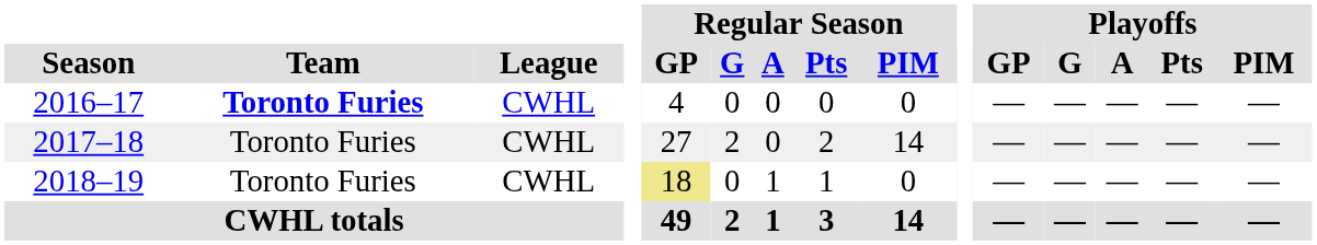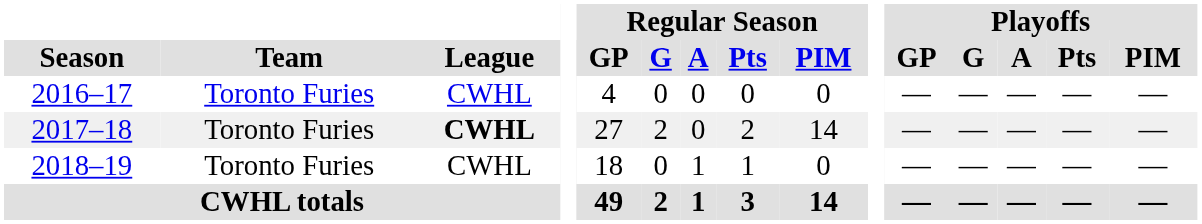 <table border="0" cellpadding="1" cellspacing="0" style="text-align:center; width:75%">
 <tr bgcolor="#e0e0e0">
 <th colspan="3"  bgcolor="#ffffff"> </th>
 <th rowspan="99" bgcolor="#ffffff"> </th>
 <th colspan="5">Regular Season</th>
 <th rowspan="99" bgcolor="#ffffff"> </th>
 <th colspan="5">Playoffs</th>
 </tr>
 <tr bgcolor="#e0e0e0">
 <th>Season</th>
 <th>Team</th>
 <th>League</th>
 <th>GP</th>
 <th><a href='#'>G</a></th>
 <th><a href='#'>A</a></th>
 <th><a href='#'>Pts</a></th>
 <th><a href='#'>PIM</a></th>
 <th>GP</th>
 <th>G</th>
 <th>A</th>
 <th>Pts</th>
 <th>PIM</th>
 </tr>
 <tr>
 <td><a href='#'>2016–17</a></td>
-<td><strong><a href='#'>Toronto Furies</a></strong></td>
+<td><a href='#'>Toronto Furies</a></td>
 <td><a href='#'>CWHL</a></td>
 <td>4</td>
 <td>0</td>
 <td>0</td>
 <td>0</td>
 <td>0</td>
 <td>—</td>
 <td>—</td>
 <td>—</td>
 <td>—</td>
 <td>—</td>
 </tr>
 <tr bgcolor="#f0f0f0">
 <td><a href='#'>2017–18</a></td>
 <td>Toronto Furies</td>
-<td>CWHL</td>
+<td><strong>CWHL</strong></td>
 <td>27</td>
 <td>2</td>
 <td>0</td>
 <td>2</td>
 <td>14</td>
 <td>—</td>
 <td>—</td>
 <td>—</td>
 <td>—</td>
 <td>—</td>
 </tr>
 <tr>
 <td><a href='#'>2018–19</a></td>
 <td>Toronto Furies</td>
 <td>CWHL</td>
-<td style="background: khaki;">18</td>
+<td>18</td>
 <td>0</td>
 <td>1</td>
 <td>1</td>
 <td>0</td>
 <td>—</td>
 <td>—</td>
 <td>—</td>
 <td>—</td>
 <td>—</td>
 </tr>
 <tr bgcolor="#e0e0e0">
 <th colspan="3">CWHL totals</th>
 <th>49</th>
 <th>2</th>
 <th>1</th>
 <th>3</th>
 <th>14</th>
 <th>—</th>
 <th>—</th>
 <th>—</th>
 <th>—</th>
 <th>—</th>
 </tr>
 </table>
